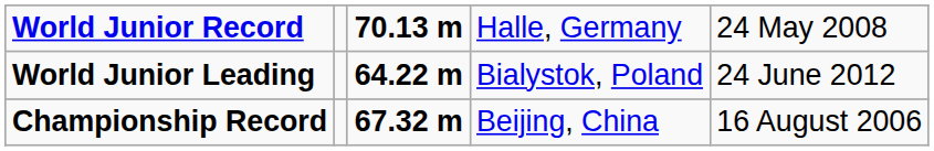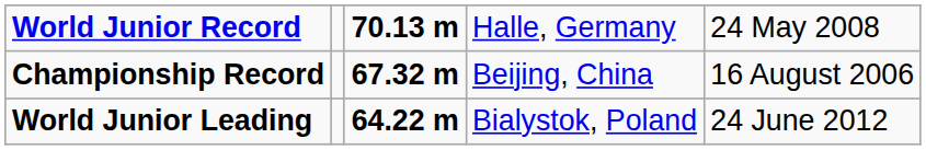 <table class="wikitable">
 <tr>
 <td><strong><a href='#'>World Junior Record</a></strong></td>
 <td></td>
 <td><strong>70.13 m</strong></td>
 <td><a href='#'>Halle</a>, <a href='#'>Germany</a></td>
 <td>24 May 2008</td>
 </tr>
 <tr>
+<td><strong>Championship Record</strong></td>
+<td></td>
+<td><strong>67.32 m</strong></td>
+<td><a href='#'>Beijing</a>, <a href='#'>China</a></td>
+<td>16 August 2006</td>
+</tr>
+<tr>
 <td><strong>World Junior Leading</strong></td>
 <td></td>
 <td><strong>64.22 m</strong></td>
 <td><a href='#'>Bialystok</a>, <a href='#'>Poland</a></td>
 <td>24 June 2012</td>
 </tr>
-<tr>
-<td><strong>Championship Record</strong></td>
-<td></td>
-<td><strong>67.32 m</strong></td>
-<td><a href='#'>Beijing</a>, <a href='#'>China</a></td>
-<td>16 August 2006</td>
-</tr>
 </table>
